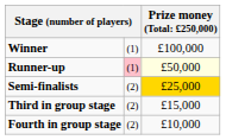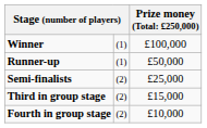 <table class="wikitable">
 <tr>
 <th colspan=2>Stage <small>(number of players)</small></th>
 <th>Prize money<br><small>(Total: £250,000)</small></th>
 </tr>
 <tr>
 <td><strong>Winner</strong></td>
 <td align=center><small>(1)</small></td>
 <td align=center>£100,000</td>
 </tr>
 <tr>
 <td><strong>Runner-up</strong></td>
-<td align=center style="background: pink;"><small>(1)</small></td>
-<td align=center style="background: lightyellow;">£50,000</td>
+<td align=center><small>(1)</small></td>
+<td align=center>£50,000</td>
 </tr>
 <tr>
 <td><strong>Semi-finalists</strong></td>
 <td align=center><small>(2)</small></td>
-<td align=center style="background: gold;">£25,000</td>
+<td align=center>£25,000</td>
 </tr>
 <tr>
 <td><strong>Third in group stage</strong></td>
 <td align=center><small>(2)</small></td>
 <td align=center>£15,000</td>
 </tr>
 <tr>
 <td><strong>Fourth in group stage</strong></td>
 <td align=center><small>(2)</small></td>
 <td align=center>£10,000</td>
 </tr>
 </table>
